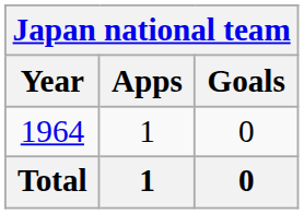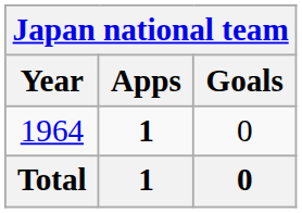 <table class="wikitable" style="text-align:center">
 <tr>
 <th colspan=3><a href='#'>Japan national team</a></th>
 </tr>
 <tr>
 <th>Year</th>
 <th>Apps</th>
 <th>Goals</th>
 </tr>
 <tr>
 <td><a href='#'>1964</a></td>
-<td>1</td>
+<td><strong>1</strong></td>
 <td>0</td>
 </tr>
 <tr>
 <th>Total</th>
 <th>1</th>
 <th>0</th>
 </tr>
 </table>
